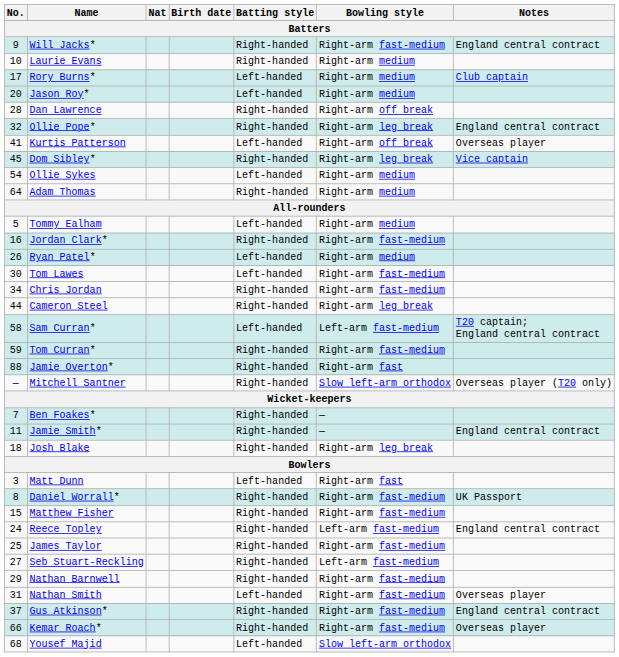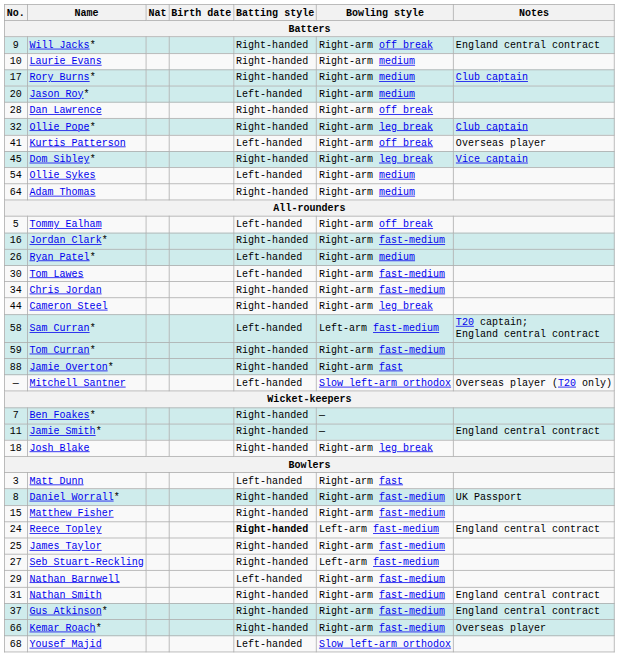 <table class="wikitable">
 <tr>
 <th>No.</th>
 <th>Name</th>
 <th>Nat</th>
 <th>Birth date</th>
 <th>Batting style</th>
 <th>Bowling style</th>
 <th>Notes</th>
 </tr>
 <tr>
 <th colspan="7">Batters</th>
 </tr>
 <tr bgcolor="#CFECEC">
 <td style="text-align:center">9</td>
 <td><a href='#'>Will Jacks</a>* </td>
 <td></td>
 <td></td>
 <td>Right-handed</td>
-<td>Right-arm <a href='#'>fast-medium</a></td>
+<td>Right-arm <a href='#'>off break</a></td>
 <td>England central contract</td>
 </tr>
 <tr>
 <td style="text-align:center">10</td>
 <td><a href='#'>Laurie Evans</a></td>
 <td></td>
 <td></td>
 <td>Right-handed</td>
 <td>Right-arm <a href='#'>medium</a></td>
 <td></td>
 </tr>
 <tr bgcolor="#CFECEC">
 <td style="text-align:center">17</td>
 <td><a href='#'>Rory Burns</a>* </td>
 <td></td>
 <td></td>
-<td>Left-handed</td>
+<td>Right-handed</td>
 <td>Right-arm <a href='#'>medium</a></td>
 <td><a href='#'>Club captain</a></td>
 </tr>
 <tr bgcolor="#CFECEC">
 <td style="text-align:center">20</td>
 <td><a href='#'>Jason Roy</a>* </td>
 <td></td>
 <td></td>
 <td>Left-handed</td>
 <td>Right-arm <a href='#'>medium</a></td>
 <td></td>
 </tr>
 <tr>
 <td style="text-align:center">28</td>
 <td><a href='#'>Dan Lawrence</a> </td>
 <td></td>
 <td></td>
 <td>Right-handed</td>
 <td>Right-arm <a href='#'>off break</a></td>
 <td></td>
 </tr>
 <tr bgcolor="#CFECEC">
 <td style="text-align:center">32</td>
 <td><a href='#'>Ollie Pope</a>* </td>
 <td></td>
 <td></td>
 <td>Right-handed</td>
 <td>Right-arm <a href='#'>leg break</a></td>
-<td>England central contract</td>
+<td><a href='#'>Club captain</a></td>
 </tr>
 <tr>
 <td style="text-align:center">41</td>
 <td><a href='#'>Kurtis Patterson</a> </td>
 <td></td>
 <td></td>
 <td>Left-handed</td>
 <td>Right-arm <a href='#'>off break</a></td>
 <td>Overseas player</td>
 </tr>
 <tr bgcolor="#CFECEC">
 <td style="text-align:center">45</td>
 <td><a href='#'>Dom Sibley</a>* </td>
 <td></td>
 <td></td>
 <td>Right-handed</td>
 <td>Right-arm <a href='#'>leg break</a></td>
 <td><a href='#'>Vice captain</a></td>
 </tr>
 <tr>
 <td style="text-align:center">54</td>
 <td><a href='#'>Ollie Sykes</a></td>
 <td></td>
 <td></td>
 <td>Left-handed</td>
 <td>Right-arm <a href='#'>medium</a></td>
 <td></td>
 </tr>
 <tr>
 <td style="text-align:center">64</td>
 <td><a href='#'>Adam Thomas</a></td>
 <td></td>
 <td></td>
 <td>Right-handed</td>
 <td>Right-arm <a href='#'>medium</a></td>
 <td></td>
 </tr>
 <tr>
 <th colspan="7">All-rounders</th>
 </tr>
 <tr>
 <td style="text-align:center">5</td>
 <td><a href='#'>Tommy Ealham</a></td>
 <td></td>
 <td></td>
 <td>Left-handed</td>
-<td>Right-arm <a href='#'>medium</a></td>
+<td>Right-arm <a href='#'>off break</a></td>
 <td></td>
 </tr>
 <tr bgcolor="#CFECEC">
 <td style="text-align:center">16</td>
 <td><a href='#'>Jordan Clark</a>*</td>
 <td></td>
 <td></td>
 <td>Right-handed</td>
 <td>Right-arm <a href='#'>fast-medium</a></td>
 <td></td>
 </tr>
 <tr bgcolor="#CFECEC">
 <td style="text-align:center">26</td>
 <td><a href='#'>Ryan Patel</a>*</td>
 <td></td>
 <td></td>
 <td>Left-handed</td>
 <td>Right-arm <a href='#'>medium</a></td>
 <td></td>
 </tr>
 <tr>
 <td style="text-align:center">30</td>
 <td><a href='#'>Tom Lawes</a></td>
 <td></td>
 <td></td>
 <td>Left-handed</td>
 <td>Right-arm <a href='#'>fast-medium</a></td>
 <td></td>
 </tr>
 <tr>
 <td style="text-align:center">34</td>
 <td><a href='#'>Chris Jordan</a> </td>
 <td></td>
 <td></td>
 <td>Right-handed</td>
 <td>Right-arm <a href='#'>fast-medium</a></td>
 <td></td>
 </tr>
 <tr>
 <td style="text-align:center">44</td>
 <td><a href='#'>Cameron Steel</a></td>
 <td></td>
 <td></td>
 <td>Right-handed</td>
 <td>Right-arm <a href='#'>leg break</a></td>
 <td></td>
 </tr>
 <tr bgcolor="#CFECEC">
 <td style="text-align:center">58</td>
 <td><a href='#'>Sam Curran</a>* </td>
 <td></td>
 <td></td>
 <td>Left-handed</td>
 <td>Left-arm <a href='#'>fast-medium</a></td>
 <td><a href='#'>T20</a> captain; <br>England central contract</td>
 </tr>
 <tr bgcolor="#CFECEC">
 <td style="text-align:center">59</td>
 <td><a href='#'>Tom Curran</a>* </td>
 <td></td>
 <td></td>
 <td>Right-handed</td>
 <td>Right-arm <a href='#'>fast-medium</a></td>
 <td></td>
 </tr>
 <tr bgcolor="#CFECEC">
 <td style="text-align:center">88</td>
 <td><a href='#'>Jamie Overton</a>* </td>
 <td></td>
 <td></td>
 <td>Right-handed</td>
 <td>Right-arm <a href='#'>fast</a></td>
 <td></td>
 </tr>
 <tr>
 <td style="text-align:center">—</td>
 <td><a href='#'>Mitchell Santner</a> </td>
 <td></td>
 <td></td>
-<td>Right-handed</td>
+<td>Left-handed</td>
 <td><a href='#'>Slow left-arm orthodox</a></td>
 <td>Overseas player (<a href='#'>T20</a> only)</td>
 </tr>
 <tr>
 <th colspan="7">Wicket-keepers</th>
 </tr>
 <tr bgcolor="#CFECEC">
 <td style="text-align:center">7</td>
 <td><a href='#'>Ben Foakes</a>* </td>
 <td></td>
 <td></td>
 <td>Right-handed</td>
 <td>—</td>
 <td></td>
 </tr>
 <tr bgcolor="#CFECEC">
 <td style="text-align:center">11</td>
 <td><a href='#'>Jamie Smith</a>* </td>
 <td></td>
 <td></td>
 <td>Right-handed</td>
 <td>—</td>
 <td>England central contract</td>
 </tr>
 <tr>
 <td style="text-align:center">18</td>
 <td><a href='#'>Josh Blake</a></td>
 <td></td>
 <td></td>
 <td>Right-handed</td>
 <td>Right-arm <a href='#'>leg break</a></td>
 <td></td>
 </tr>
 <tr>
 <th colspan="7">Bowlers</th>
 </tr>
 <tr>
 <td style="text-align:center">3</td>
 <td><a href='#'>Matt Dunn</a></td>
 <td></td>
 <td></td>
 <td>Left-handed</td>
 <td>Right-arm <a href='#'>fast</a></td>
 <td></td>
 </tr>
 <tr bgcolor="#CFECEC">
 <td style="text-align:center">8</td>
 <td><a href='#'>Daniel Worrall</a>* </td>
 <td></td>
 <td></td>
 <td>Right-handed</td>
 <td>Right-arm <a href='#'>fast-medium</a></td>
 <td>UK Passport</td>
 </tr>
 <tr>
 <td style="text-align:center">15</td>
 <td><a href='#'>Matthew Fisher</a> </td>
 <td></td>
 <td></td>
 <td>Right-handed</td>
 <td>Right-arm <a href='#'>fast-medium</a></td>
 <td></td>
 </tr>
 <tr>
 <td style="text-align:center">24</td>
 <td><a href='#'>Reece Topley</a> </td>
 <td></td>
 <td></td>
-<td>Right-handed</td>
+<td><strong>Right-handed</strong></td>
 <td>Left-arm <a href='#'>fast-medium</a></td>
 <td>England central contract</td>
 </tr>
 <tr>
 <td style="text-align:center">25</td>
 <td><a href='#'>James Taylor</a></td>
 <td></td>
 <td></td>
 <td>Right-handed</td>
 <td>Right-arm <a href='#'>fast-medium</a></td>
 <td></td>
 </tr>
 <tr>
 <td style="text-align:center">27</td>
 <td><a href='#'>Seb Stuart-Reckling</a></td>
 <td></td>
 <td></td>
 <td>Right-handed</td>
 <td>Left-arm <a href='#'>fast-medium</a></td>
 <td></td>
 </tr>
 <tr>
 <td style="text-align:center">29</td>
 <td><a href='#'>Nathan Barnwell</a></td>
 <td></td>
 <td></td>
-<td>Right-handed</td>
+<td>Left-handed</td>
 <td>Right-arm <a href='#'>fast-medium</a></td>
 <td></td>
 </tr>
 <tr>
 <td style="text-align:center">31</td>
 <td><a href='#'>Nathan Smith</a> </td>
 <td></td>
 <td></td>
-<td>Left-handed</td>
+<td>Right-handed</td>
 <td>Right-arm <a href='#'>fast-medium</a></td>
-<td>Overseas player</td>
+<td>England central contract</td>
 </tr>
 <tr bgcolor="#CFECEC">
 <td style="text-align:center">37</td>
 <td><a href='#'>Gus Atkinson</a>* </td>
 <td></td>
 <td></td>
 <td>Right-handed</td>
 <td>Right-arm <a href='#'>fast-medium</a></td>
 <td>England central contract</td>
 </tr>
 <tr bgcolor="#CFECEC">
 <td style="text-align:center">66</td>
 <td><a href='#'>Kemar Roach</a>* </td>
 <td></td>
 <td></td>
 <td>Right-handed</td>
 <td>Right-arm <a href='#'>fast-medium</a></td>
 <td>Overseas player</td>
 </tr>
 <tr>
 <td style="text-align:center">68</td>
 <td><a href='#'>Yousef Majid</a></td>
 <td></td>
 <td></td>
 <td>Left-handed</td>
 <td><a href='#'>Slow left-arm orthodox</a></td>
 <td></td>
 </tr>
 </table>
